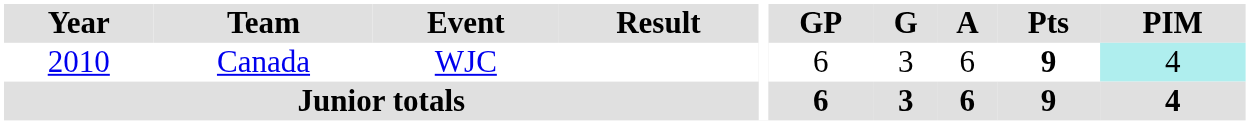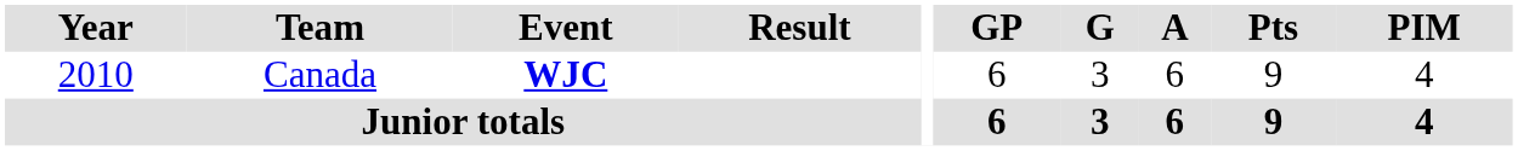 <table border="0" cellpadding="1" cellspacing="0" ID="Table3" style="text-align:center; width:40em">
 <tr ALIGN="centre" bgcolor="#e0e0e0">
 <th>Year</th>
 <th>Team</th>
 <th>Event</th>
 <th>Result</th>
 <th rowspan="99" bgcolor="#ffffff"></th>
 <th>GP</th>
 <th>G</th>
 <th>A</th>
 <th>Pts</th>
 <th>PIM</th>
 </tr>
 <tr>
 <td><a href='#'>2010</a></td>
 <td><a href='#'>Canada</a></td>
-<td><a href='#'>WJC</a></td>
+<td><strong><a href='#'>WJC</a></strong></td>
 <td></td>
 <td>6</td>
 <td>3</td>
 <td>6</td>
-<td><strong>9</strong></td>
-<td style="background: paleturquoise;">4</td>
+<td>9</td>
+<td>4</td>
 </tr>
 <tr bgcolor="#e0e0e0">
 <th colspan="4">Junior totals</th>
 <th>6</th>
 <th>3</th>
 <th>6</th>
 <th>9</th>
 <th>4</th>
 </tr>
 </table>
